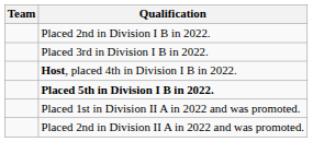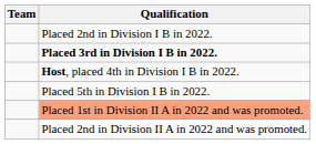 <table class="wikitable">
 <tr>
 <th>Team</th>
 <th>Qualification</th>
 </tr>
 <tr>
 <td></td>
 <td>Placed 2nd in Division I B in 2022.</td>
 </tr>
 <tr>
 <td></td>
-<td>Placed 3rd in Division I B in 2022.</td>
+<td><strong>Placed 3rd in Division I B in 2022.</strong></td>
 </tr>
 <tr>
 <td></td>
 <td><strong>Host</strong>, placed 4th in Division I B in 2022.</td>
 </tr>
 <tr>
 <td></td>
-<td><strong>Placed 5th in Division I B in 2022.</strong></td>
+<td>Placed 5th in Division I B in 2022.</td>
 </tr>
 <tr>
 <td></td>
-<td>Placed 1st in Division II A in 2022 and was promoted.</td>
+<td style="background: lightsalmon;">Placed 1st in Division II A in 2022 and was promoted.</td>
 </tr>
 <tr>
 <td></td>
 <td>Placed 2nd in Division II A in 2022 and was promoted.</td>
 </tr>
 </table>
